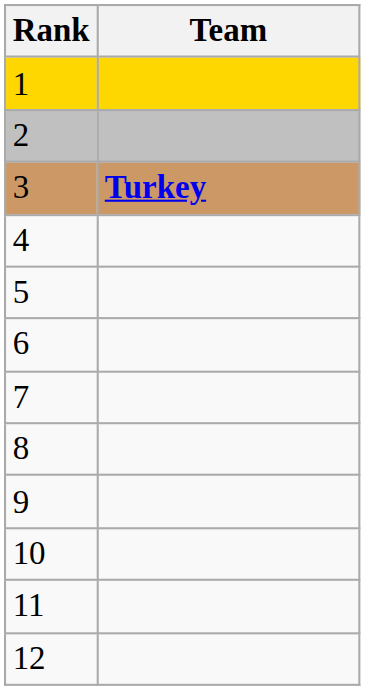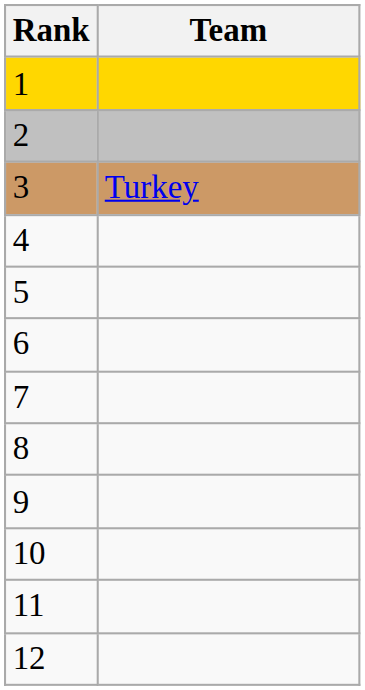 <table class=wikitable>
 <tr>
 <th width=20>Rank</th>
 <th width=120>Team</th>
 </tr>
 <tr bgcolor=gold>
 <td>1</td>
 <td></td>
 </tr>
 <tr bgcolor=silver>
 <td>2</td>
 <td></td>
 </tr>
 <tr bgcolor=#c96>
 <td>3</td>
-<td><strong> <a href='#'>Turkey</a></strong></td>
+<td> <a href='#'>Turkey</a></td>
 </tr>
 <tr>
 <td>4</td>
 <td></td>
 </tr>
 <tr>
 <td>5</td>
 <td></td>
 </tr>
 <tr>
 <td>6</td>
 <td></td>
 </tr>
 <tr>
 <td>7</td>
 <td></td>
 </tr>
 <tr>
 <td>8</td>
 <td></td>
 </tr>
 <tr>
 <td>9</td>
 <td></td>
 </tr>
 <tr>
 <td>10</td>
 <td></td>
 </tr>
 <tr>
 <td>11</td>
 <td></td>
 </tr>
 <tr>
 <td>12</td>
 <td></td>
 </tr>
 </table>
